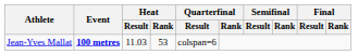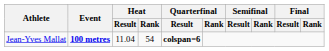 <table class=wikitable style=font-size:90%>
 <tr>
 <th rowspan=2>Athlete</th>
 <th rowspan=2>Event</th>
 <th colspan=2>Heat</th>
 <th colspan=2>Quarterfinal</th>
 <th colspan=2>Semifinal</th>
 <th colspan=2>Final</th>
 </tr>
 <tr style=font-size:95%>
 <th>Result</th>
 <th>Rank</th>
 <th>Result</th>
 <th>Rank</th>
 <th>Result</th>
 <th>Rank</th>
 <th>Result</th>
 <th>Rank</th>
 </tr>
 <tr align=center>
 <td align=left><a href='#'>Jean-Yves Mallat</a></td>
 <td align=left><strong><a href='#'>100 metres</a></strong></td>
-<td>11.03</td>
-<td>53</td>
-<td>colspan=6 </td>
+<td>11.04</td>
+<td>54</td>
+<td><strong>colspan=6 </strong></td>
 </tr>
 </table>
